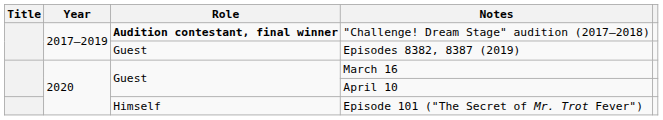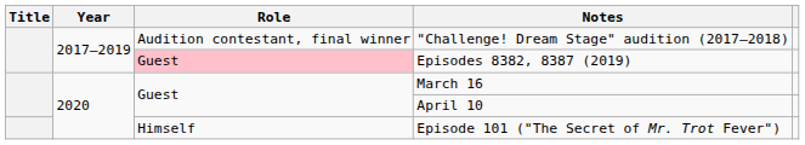 <table class="wikitable sortable plainrowheaders">
 <tr>
 <th scope="col">Title</th>
 <th scope="col">Year</th>
 <th scope="col">Role</th>
 <th scope="col" class="unsortable">Notes</th>
 <th class="unsortable"></th>
 </tr>
 <tr>
 <th scope="row" rowspan="2"><em></em></th>
 <td rowspan="2">2017–2019</td>
-<td><strong>Audition contestant, final winner</strong></td>
+<td>Audition contestant, final winner</td>
 <td>"Challenge! Dream Stage" audition (2017–2018)</td>
 <td style="text-align:center;"></td>
 </tr>
 <tr>
-<td>Guest</td>
+<td style="background: pink;">Guest</td>
 <td>Episodes 8382, 8387 (2019)</td>
 <td style="text-align:center;"></td>
 </tr>
 <tr>
 <th scope="row" rowspan="2"><em></em></th>
 <td rowspan="3">2020</td>
 <td rowspan="2">Guest</td>
 <td>March 16 </td>
 <td style="text-align:center;"></td>
 </tr>
 <tr>
 <td>April 10</td>
 <td style="text-align:center;"></td>
 </tr>
 <tr>
 <th scope="row"><em></em></th>
 <td>Himself</td>
 <td>Episode 101 ("The Secret of <em>Mr. Trot</em> Fever")</td>
 <td style="text-align:center;"></td>
 </tr>
 </table>
